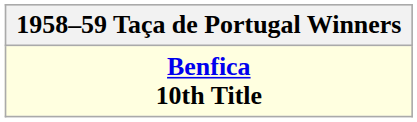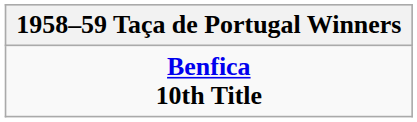 <table class="wikitable" style="text-align: center; margin: 0 auto; width: 20%">
 <tr>
 <th>1958–59 Taça de Portugal Winners</th>
 </tr>
 <tr>
-<td style="background: lightyellow;"><strong><a href='#'>Benfica</a></strong><br><strong>10th Title</strong></td>
+<td><strong><a href='#'>Benfica</a></strong><br><strong>10th Title</strong></td>
 </tr>
 </table>
